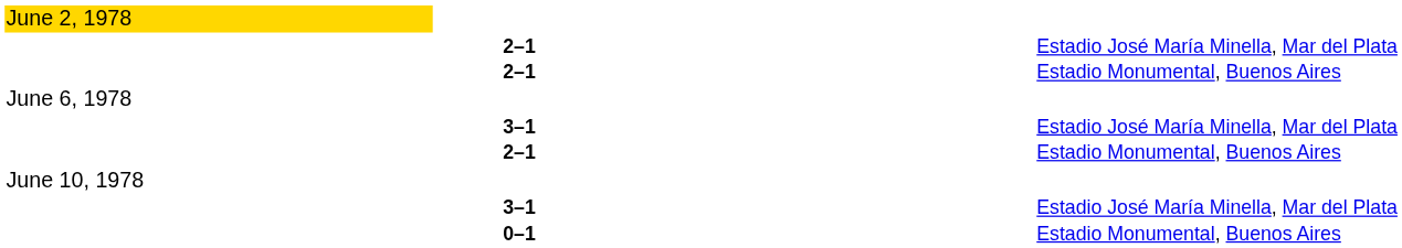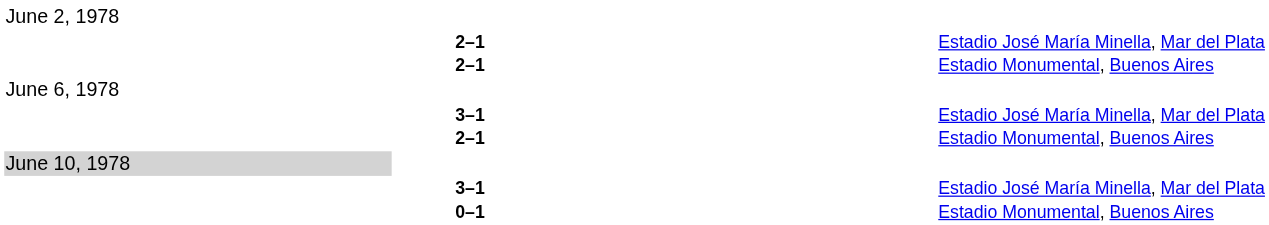 <table style="width:100%" cellspacing="1">
 <tr>
 <th width=25%></th>
 <th width=10%></th>
 <th width=25%></th>
 </tr>
 <tr>
-<td style="background: gold;">June 2, 1978</td>
+<td>June 2, 1978</td>
 </tr>
 <tr style=font-size:90%>
 <td align=right></td>
 <td align=center><strong>2–1</strong></td>
 <td></td>
 <td><a href='#'>Estadio José María Minella</a>, <a href='#'>Mar del Plata</a></td>
 </tr>
 <tr style=font-size:90%>
 <td align=right></td>
 <td align=center><strong>2–1</strong></td>
 <td></td>
 <td><a href='#'>Estadio Monumental</a>, <a href='#'>Buenos Aires</a></td>
 </tr>
 <tr>
 <td>June 6, 1978</td>
 </tr>
 <tr style=font-size:90%>
 <td align=right></td>
 <td align=center><strong>3–1</strong></td>
 <td></td>
 <td><a href='#'>Estadio José María Minella</a>, <a href='#'>Mar del Plata</a></td>
 </tr>
 <tr style=font-size:90%>
 <td align=right></td>
 <td align=center><strong>2–1</strong></td>
 <td></td>
 <td><a href='#'>Estadio Monumental</a>, <a href='#'>Buenos Aires</a></td>
 </tr>
 <tr>
 </tr>
 <tr>
-<td>June 10, 1978</td>
+<td style="background: lightgrey;">June 10, 1978</td>
 </tr>
 <tr style=font-size:90%>
 <td align=right></td>
 <td align=center><strong>3–1</strong></td>
 <td></td>
 <td><a href='#'>Estadio José María Minella</a>, <a href='#'>Mar del Plata</a></td>
 </tr>
 <tr style=font-size:90%>
 <td align=right></td>
 <td align=center><strong>0–1</strong></td>
 <td></td>
 <td><a href='#'>Estadio Monumental</a>, <a href='#'>Buenos Aires</a></td>
 </tr>
 <tr>
 </tr>
 </table>
